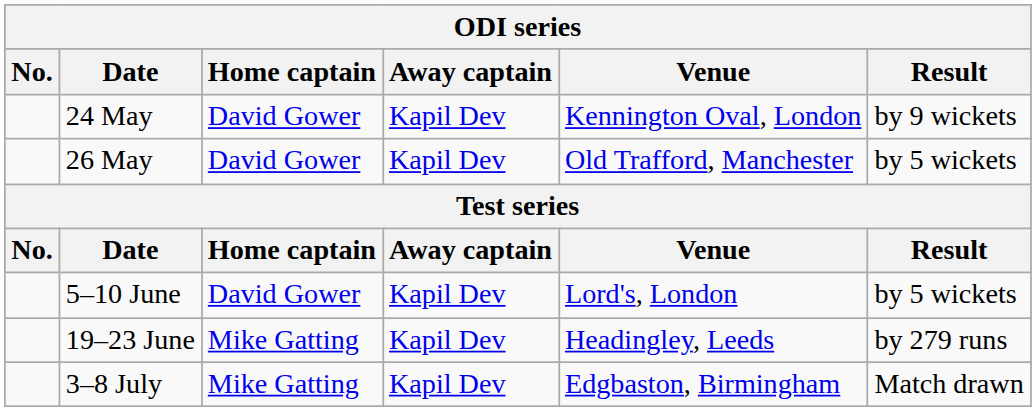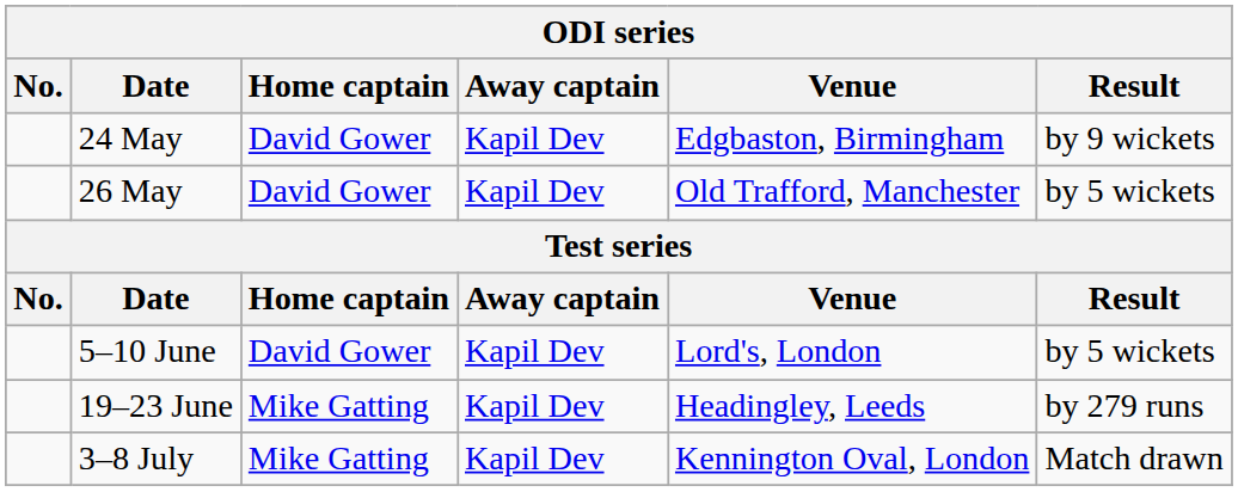 <table class="wikitable">
 <tr>
 <th colspan="9">ODI series</th>
 </tr>
 <tr>
 <th>No.</th>
 <th>Date</th>
 <th>Home captain</th>
 <th>Away captain</th>
 <th>Venue</th>
 <th>Result</th>
 </tr>
 <tr>
 <td></td>
 <td>24 May</td>
 <td><a href='#'>David Gower</a></td>
 <td><a href='#'>Kapil Dev</a></td>
-<td><a href='#'>Kennington Oval</a>, <a href='#'>London</a></td>
+<td><a href='#'>Edgbaston</a>, <a href='#'>Birmingham</a></td>
 <td> by 9 wickets</td>
 </tr>
 <tr>
 <td></td>
 <td>26 May</td>
 <td><a href='#'>David Gower</a></td>
 <td><a href='#'>Kapil Dev</a></td>
 <td><a href='#'>Old Trafford</a>, <a href='#'>Manchester</a></td>
 <td> by 5 wickets</td>
 </tr>
 <tr>
 <th colspan="9">Test series</th>
 </tr>
 <tr>
 <th>No.</th>
 <th>Date</th>
 <th>Home captain</th>
 <th>Away captain</th>
 <th>Venue</th>
 <th>Result</th>
 </tr>
 <tr>
 <td></td>
 <td>5–10 June</td>
 <td><a href='#'>David Gower</a></td>
 <td><a href='#'>Kapil Dev</a></td>
 <td><a href='#'>Lord's</a>, <a href='#'>London</a></td>
 <td> by 5 wickets</td>
 </tr>
 <tr>
 <td></td>
 <td>19–23 June</td>
 <td><a href='#'>Mike Gatting</a></td>
 <td><a href='#'>Kapil Dev</a></td>
 <td><a href='#'>Headingley</a>, <a href='#'>Leeds</a></td>
 <td> by 279 runs</td>
 </tr>
 <tr>
 <td></td>
 <td>3–8 July</td>
 <td><a href='#'>Mike Gatting</a></td>
 <td><a href='#'>Kapil Dev</a></td>
-<td><a href='#'>Edgbaston</a>, <a href='#'>Birmingham</a></td>
+<td><a href='#'>Kennington Oval</a>, <a href='#'>London</a></td>
 <td>Match drawn</td>
 </tr>
 </table>
